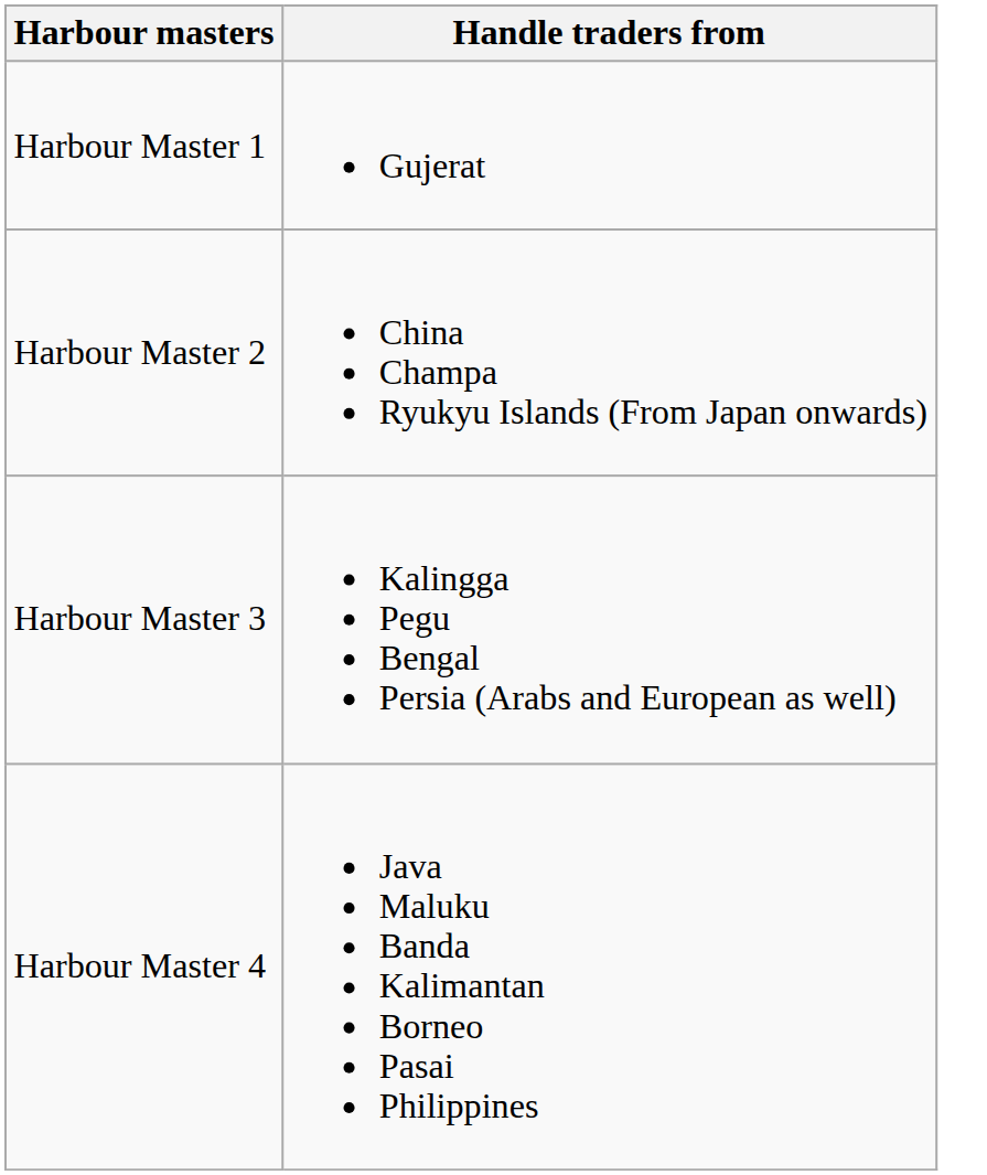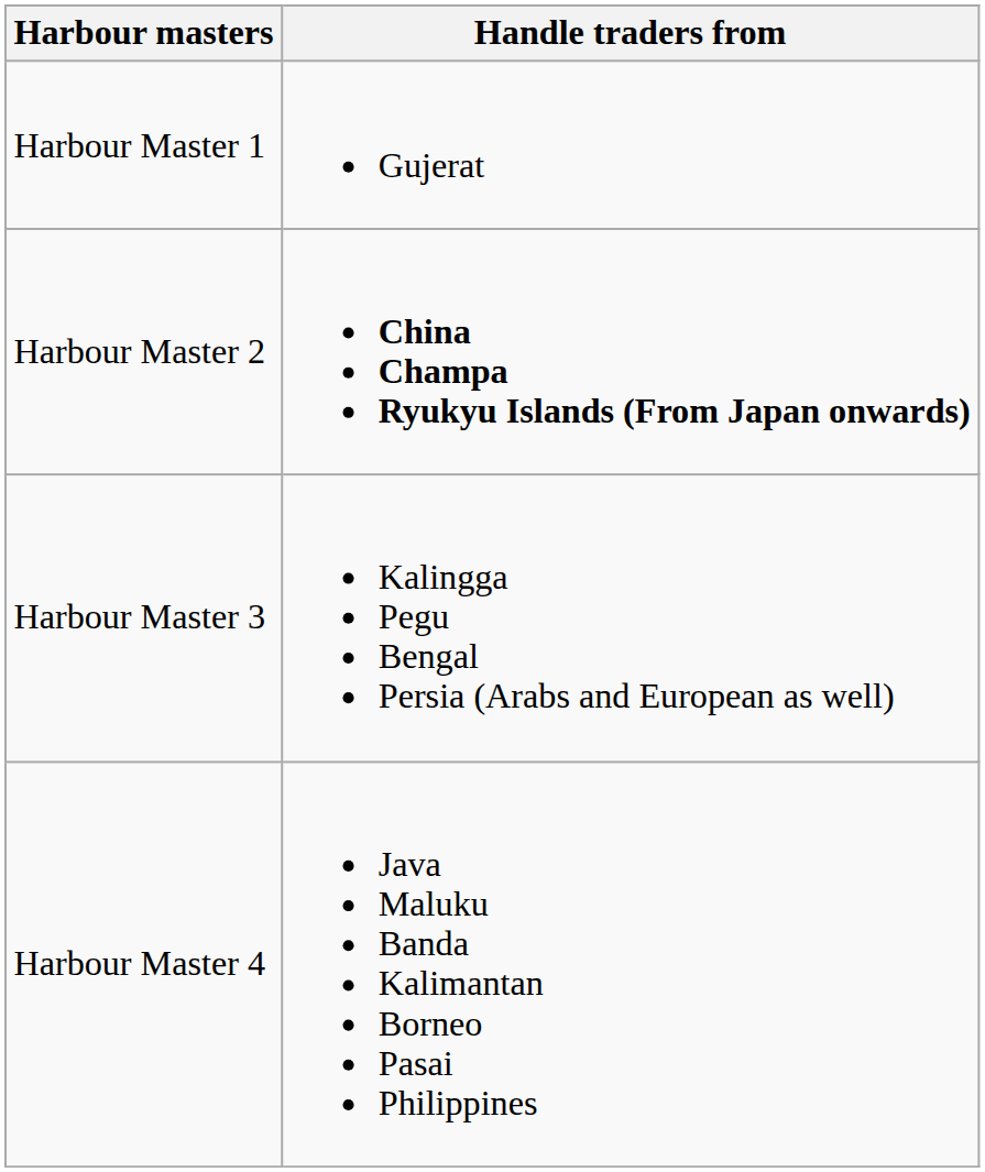 <table class="wikitable">
 <tr>
 <th>Harbour masters</th>
 <th>Handle traders from</th>
 </tr>
 <tr>
 <td>Harbour Master 1</td>
 <td><br><ul><li>Gujerat</li></ul></td>
 </tr>
 <tr>
 <td>Harbour Master 2</td>
-<td><br><ul><li>China</li><li>Champa</li><li>Ryukyu Islands (From Japan onwards)</li></ul></td>
+<td><strong><br><ul><li>China</li><li>Champa</li><li>Ryukyu Islands (From Japan onwards)</li></ul></strong></td>
 </tr>
 <tr>
 <td>Harbour Master 3</td>
 <td><br><ul><li>Kalingga</li><li>Pegu</li><li>Bengal</li><li>Persia (Arabs and European as well)</li></ul></td>
 </tr>
 <tr>
 <td>Harbour Master 4</td>
 <td><br><ul><li>Java</li><li>Maluku</li><li>Banda</li><li>Kalimantan</li><li>Borneo</li><li>Pasai</li><li>Philippines</li></ul></td>
 </tr>
 </table>
